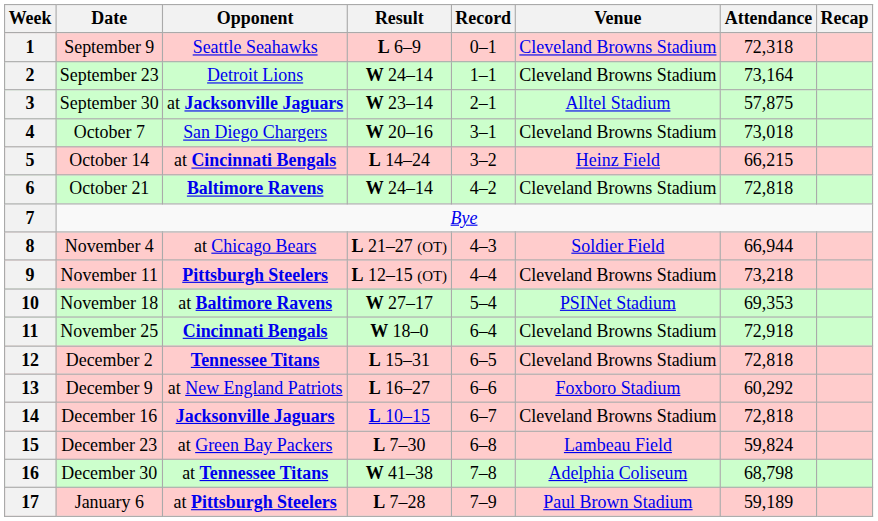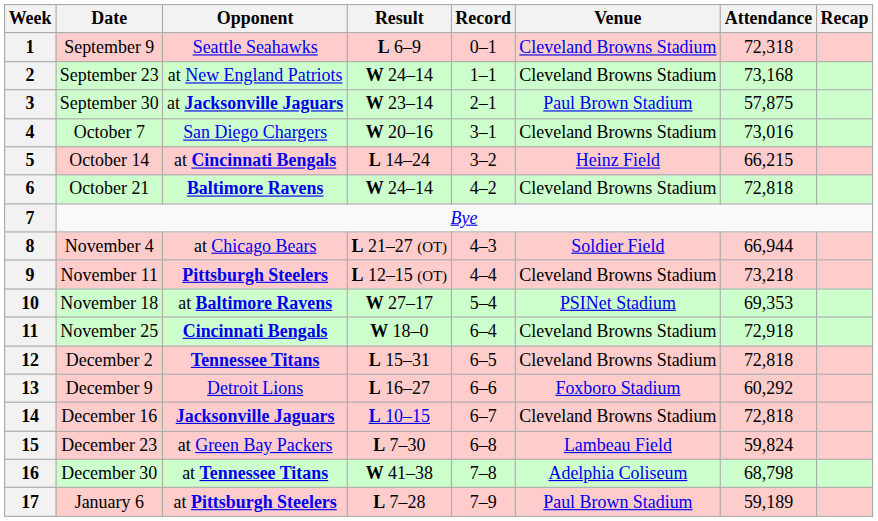 <table class="wikitable" style="text-align:center">
 <tr>
 <th>Week</th>
 <th>Date</th>
 <th>Opponent</th>
 <th>Result</th>
 <th>Record</th>
 <th>Venue</th>
 <th>Attendance</th>
 <th>Recap</th>
 </tr>
 <tr style="background:#fcc">
 <th>1</th>
 <td>September 9</td>
 <td><a href='#'>Seattle Seahawks</a></td>
 <td><strong>L</strong> 6–9</td>
 <td>0–1</td>
 <td><a href='#'>Cleveland Browns Stadium</a></td>
 <td>72,318</td>
 <td></td>
 </tr>
 <tr style="background:#cfc">
 <th>2</th>
 <td>September 23</td>
-<td><a href='#'>Detroit Lions</a></td>
+<td>at <a href='#'>New England Patriots</a></td>
 <td><strong>W</strong> 24–14</td>
 <td>1–1</td>
 <td>Cleveland Browns Stadium</td>
-<td>73,164</td>
+<td>73,168</td>
 <td></td>
 </tr>
 <tr style="background:#cfc">
 <th>3</th>
 <td>September 30</td>
 <td>at <strong><a href='#'>Jacksonville Jaguars</a></strong></td>
 <td><strong>W</strong> 23–14</td>
 <td>2–1</td>
-<td><a href='#'>Alltel Stadium</a></td>
+<td><a href='#'>Paul Brown Stadium</a></td>
 <td>57,875</td>
 <td></td>
 </tr>
 <tr style="background:#cfc">
 <th>4</th>
 <td>October 7</td>
 <td><a href='#'>San Diego Chargers</a></td>
 <td><strong>W</strong> 20–16</td>
 <td>3–1</td>
 <td>Cleveland Browns Stadium</td>
-<td>73,018</td>
+<td>73,016</td>
 <td></td>
 </tr>
 <tr style="background:#fcc">
 <th>5</th>
 <td>October 14</td>
 <td>at <strong><a href='#'>Cincinnati Bengals</a></strong></td>
 <td><strong>L</strong> 14–24</td>
 <td>3–2</td>
 <td><a href='#'>Heinz Field</a></td>
 <td>66,215</td>
 <td></td>
 </tr>
 <tr style="background:#cfc">
 <th>6</th>
 <td>October 21</td>
 <td><strong><a href='#'>Baltimore Ravens</a></strong></td>
 <td><strong>W</strong> 24–14</td>
 <td>4–2</td>
 <td>Cleveland Browns Stadium</td>
 <td>72,818</td>
 <td></td>
 </tr>
 <tr>
 <th>7</th>
 <td colspan="7"><em><a href='#'>Bye</a></em></td>
 </tr>
 <tr style="background:#fcc">
 <th>8</th>
 <td>November 4</td>
 <td>at <a href='#'>Chicago Bears</a></td>
 <td><strong>L</strong> 21–27 <small>(OT)</small></td>
 <td>4–3</td>
 <td><a href='#'>Soldier Field</a></td>
 <td>66,944</td>
 <td></td>
 </tr>
 <tr style="background:#fcc">
 <th>9</th>
 <td>November 11</td>
 <td><strong><a href='#'>Pittsburgh Steelers</a></strong></td>
 <td><strong>L</strong> 12–15 <small>(OT)</small></td>
 <td>4–4</td>
 <td>Cleveland Browns Stadium</td>
 <td>73,218</td>
 <td></td>
 </tr>
 <tr style="background:#cfc">
 <th>10</th>
 <td>November 18</td>
 <td>at <strong><a href='#'>Baltimore Ravens</a></strong></td>
 <td><strong>W</strong> 27–17</td>
 <td>5–4</td>
 <td><a href='#'>PSINet Stadium</a></td>
 <td>69,353</td>
 <td></td>
 </tr>
 <tr style="background:#cfc">
 <th>11</th>
 <td>November 25</td>
 <td><strong><a href='#'>Cincinnati Bengals</a></strong></td>
 <td><strong>W</strong> 18–0</td>
 <td>6–4</td>
 <td>Cleveland Browns Stadium</td>
 <td>72,918</td>
 <td></td>
 </tr>
 <tr style="background:#fcc">
 <th>12</th>
 <td>December 2</td>
 <td><strong><a href='#'>Tennessee Titans</a></strong></td>
 <td><strong>L</strong> 15–31</td>
 <td>6–5</td>
 <td>Cleveland Browns Stadium</td>
 <td>72,818</td>
 <td></td>
 </tr>
 <tr style="background:#fcc">
 <th>13</th>
 <td>December 9</td>
-<td>at <a href='#'>New England Patriots</a></td>
+<td><a href='#'>Detroit Lions</a></td>
 <td><strong>L</strong> 16–27</td>
 <td>6–6</td>
 <td><a href='#'>Foxboro Stadium</a></td>
 <td>60,292</td>
 <td></td>
 </tr>
 <tr style="background:#fcc">
 <th>14</th>
 <td>December 16</td>
 <td><strong><a href='#'>Jacksonville Jaguars</a></strong></td>
 <td><a href='#'><strong>L</strong> 10–15</a></td>
 <td>6–7</td>
 <td>Cleveland Browns Stadium</td>
 <td>72,818</td>
 <td></td>
 </tr>
 <tr style="background:#fcc">
 <th>15</th>
 <td>December 23</td>
 <td>at <a href='#'>Green Bay Packers</a></td>
 <td><strong>L</strong> 7–30</td>
 <td>6–8</td>
 <td><a href='#'>Lambeau Field</a></td>
 <td>59,824</td>
 <td></td>
 </tr>
 <tr style="background:#cfc">
 <th>16</th>
 <td>December 30</td>
 <td>at <strong><a href='#'>Tennessee Titans</a></strong></td>
 <td><strong>W</strong> 41–38</td>
 <td>7–8</td>
 <td><a href='#'>Adelphia Coliseum</a></td>
 <td>68,798</td>
 <td></td>
 </tr>
 <tr style="background:#fcc">
 <th>17</th>
 <td>January 6</td>
 <td>at <strong><a href='#'>Pittsburgh Steelers</a></strong></td>
 <td><strong>L</strong> 7–28</td>
 <td>7–9</td>
 <td><a href='#'>Paul Brown Stadium</a></td>
 <td>59,189</td>
 <td></td>
 </tr>
 </table>
